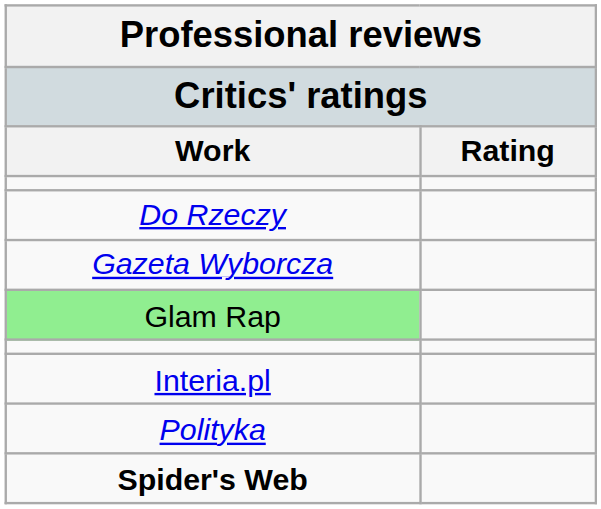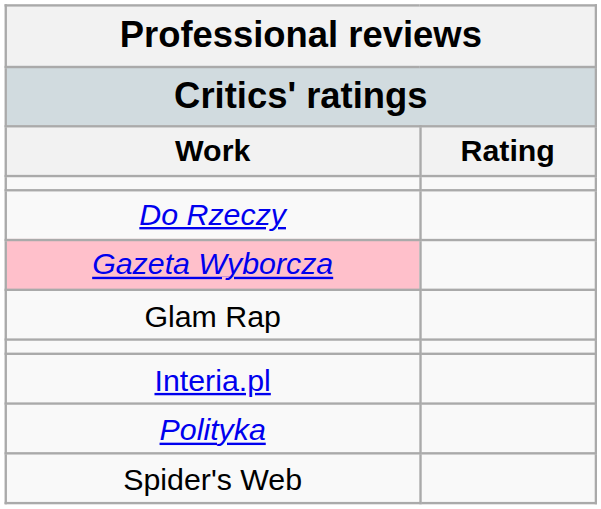 <table class="wikitable infobox plain" style="float: align=right; width:250px; font-size: 80%; text-align: center; margin:0.5em 0 0.5em 1em; padding:0;">
 <tr>
 <th colspan="2" style="font-size:120%; plain:2.25em">Professional reviews</th>
 </tr>
 <tr>
 <th colspan="2" style="background:#d1dbdf; font-size:120%;">Critics' ratings</th>
 </tr>
 <tr>
 <th style="plain:2.25em">Work</th>
 <th style="plain:2.25em">Rating</th>
 </tr>
 <tr>
 <td style="vertical-align:middle"></td>
 <td></td>
 </tr>
 <tr>
 <td style="vertical-align:middle"><em><a href='#'>Do Rzeczy</a></em></td>
 <td></td>
 </tr>
 <tr>
-<td style="vertical-align:middle"><em><a href='#'>Gazeta Wyborcza</a></em></td>
+<td style="background: pink; vertical-align:middle"><em><a href='#'>Gazeta Wyborcza</a></em></td>
 <td></td>
 </tr>
 <tr>
-<td style="background: lightgreen; vertical-align:middle">Glam Rap</td>
+<td style="vertical-align:middle">Glam Rap</td>
 <td></td>
 </tr>
 <tr>
 <td style="vertical-align:middle"></td>
 <td></td>
 </tr>
 <tr>
 <td style="vertical-align:middle"><a href='#'>Interia.pl</a></td>
 <td></td>
 </tr>
 <tr>
 <td style="vertical-align:middle"><em><a href='#'>Polityka</a></em></td>
 <td></td>
 </tr>
 <tr>
-<td style="vertical-align:middle"><strong>Spider's Web</strong></td>
+<td style="vertical-align:middle">Spider's Web</td>
 <td></td>
 </tr>
 </table>
